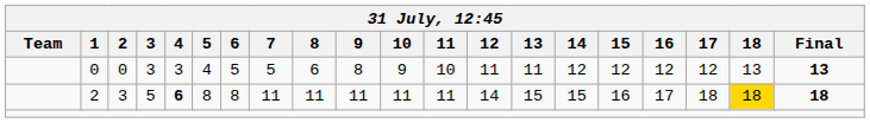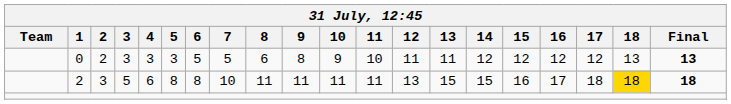 <table class=wikitable style="text-align:center; width: 55%">
 <tr>
 <th colspan=20><em>31 July, 12:45</em></th>
 </tr>
 <tr>
 <th>Team</th>
 <th>1</th>
 <th>2</th>
 <th>3</th>
 <th>4</th>
 <th>5</th>
 <th>6</th>
 <th>7</th>
 <th>8</th>
 <th>9</th>
 <th>10</th>
 <th>11</th>
 <th>12</th>
 <th>13</th>
 <th>14</th>
 <th>15</th>
 <th>16</th>
 <th>17</th>
 <th>18</th>
 <th>Final</th>
 </tr>
 <tr>
 <td align=left></td>
 <td>0</td>
-<td>0</td>
+<td>2</td>
 <td>3</td>
 <td>3</td>
-<td>4</td>
+<td>3</td>
 <td>5</td>
 <td>5</td>
 <td>6</td>
 <td>8</td>
 <td>9</td>
 <td>10</td>
 <td>11</td>
 <td>11</td>
 <td>12</td>
 <td>12</td>
 <td>12</td>
 <td>12</td>
 <td>13</td>
 <td><strong>13</strong></td>
 </tr>
 <tr>
 <td align=left><strong></strong></td>
 <td>2</td>
 <td>3</td>
 <td>5</td>
-<td><strong>6</strong></td>
+<td>6</td>
 <td>8</td>
 <td>8</td>
+<td>10</td>
 <td>11</td>
 <td>11</td>
 <td>11</td>
 <td>11</td>
-<td>11</td>
-<td>14</td>
+<td>13</td>
 <td>15</td>
 <td>15</td>
 <td>16</td>
 <td>17</td>
 <td>18</td>
 <td style="background: gold;">18</td>
 <td><strong>18</strong></td>
 </tr>
 <tr>
 <td colspan=20></td>
 </tr>
 </table>
